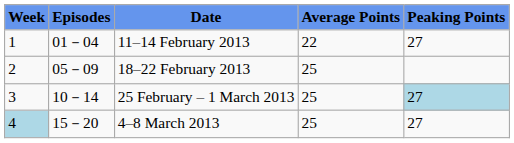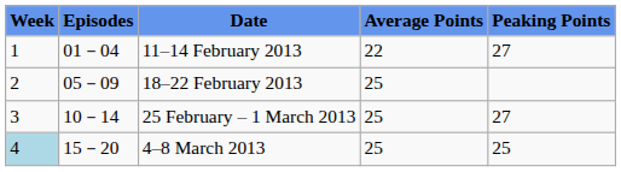 <table class="wikitable" style="font-size:14px;">
 <tr style="background:cornflowerblue; colour:white" align="center">
 <td><strong>Week</strong></td>
 <td><strong>Episodes</strong></td>
 <td><strong>Date</strong></td>
 <td><strong>Average Points</strong></td>
 <td><strong>Peaking Points</strong></td>
 </tr>
 <tr>
 <td>1</td>
 <td>01－04</td>
 <td>11–14 February 2013</td>
 <td>22</td>
 <td>27</td>
 </tr>
 <tr>
 <td>2</td>
 <td>05－09</td>
 <td>18–22 February 2013</td>
 <td>25</td>
 <td></td>
 </tr>
 <tr>
 <td>3</td>
 <td>10－14</td>
 <td>25 February – 1 March 2013</td>
 <td>25</td>
-<td style="background: lightblue;">27</td>
+<td>27</td>
 </tr>
 <tr>
 <td style="background: lightblue;">4</td>
 <td>15－20</td>
 <td>4–8 March 2013</td>
 <td>25</td>
-<td>27</td>
+<td>25</td>
 </tr>
 </table>
